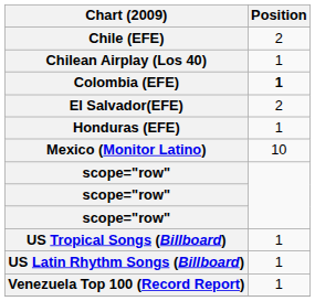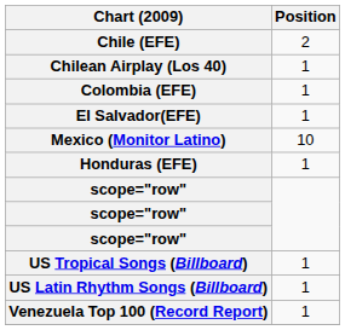 <table class="wikitable plainrowheaders sortable" style="text-align:center;">
 <tr>
 <th scope="col">Chart (2009)</th>
 <th scope="col">Position</th>
 </tr>
 <tr>
 <th scope="row">Chile (EFE)</th>
 <td>2</td>
 </tr>
 <tr>
 <th scope="row">Chilean Airplay (Los 40)</th>
 <td>1</td>
 </tr>
 <tr>
 <th scope="row">Colombia (EFE)</th>
-<td><strong>1</strong></td>
+<td>1</td>
 </tr>
 <tr>
 <th scope="row">El Salvador(EFE)</th>
-<td>2</td>
-</tr>
-<tr>
-<th scope="row">Honduras (EFE)</th>
 <td>1</td>
 </tr>
 <tr>
 <th scope="row">Mexico (<a href='#'>Monitor Latino</a>)</th>
 <td>10</td>
+</tr>
+<tr>
+<th scope="row">Honduras (EFE)</th>
+<td>1</td>
 </tr>
 <tr>
 <th>scope="row"</th>
 </tr>
 <tr>
 <th>scope="row"</th>
 </tr>
 <tr>
 <th>scope="row"</th>
 </tr>
 <tr>
 <th scope="row">US <a href='#'>Tropical Songs</a> (<em><a href='#'>Billboard</a></em>)</th>
 <td>1</td>
 </tr>
 <tr>
 <th scope="row">US <a href='#'>Latin Rhythm Songs</a> (<em><a href='#'>Billboard</a></em>)</th>
 <td>1</td>
 </tr>
 <tr>
 <th scope="row">Venezuela Top 100 (<a href='#'>Record Report</a>)</th>
 <td>1</td>
 </tr>
 <tr>
 </tr>
 </table>
